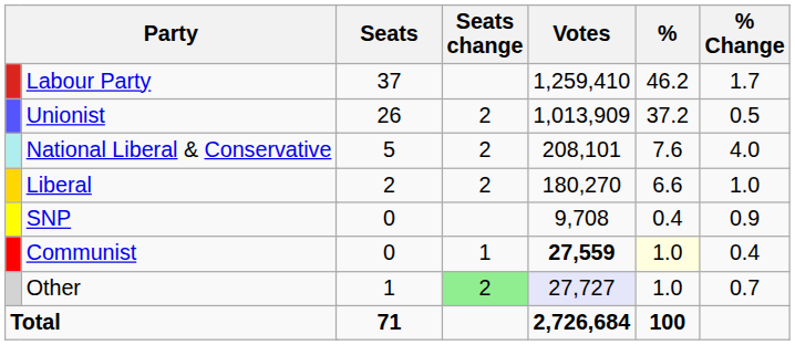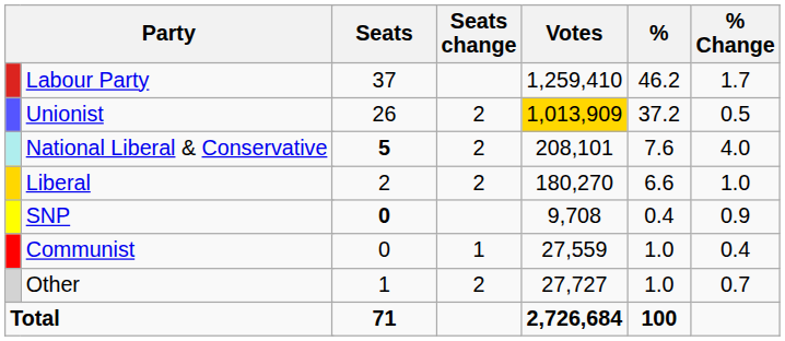 <table class="wikitable sortable">
 <tr>
 <th style="width:200px" colspan=3>Party</th>
 <th style="width:70px;">Seats</th>
 <th style="width:40px;">Seats change</th>
 <th style="width:40px;">Votes</th>
 <th style="width:40px;">%</th>
 <th style="width:40px;">% Change</th>
 </tr>
 <tr>
 <td style="background-color:#DC241f"> </td>
 <td colspan=2><a href='#'>Labour Party</a></td>
 <td align=center>37</td>
 <td align=center></td>
 <td align=center>1,259,410</td>
 <td align=center>46.2</td>
 <td align=center> 1.7</td>
 </tr>
 <tr>
 <td style="background-color:#5555FF"> </td>
 <td colspan=2><a href='#'>Unionist</a></td>
 <td align="center">26</td>
 <td align="center"> 2</td>
-<td align="center">1,013,909</td>
+<td align="center" style="background: gold;">1,013,909</td>
 <td align="center">37.2</td>
 <td align="center"> 0.5</td>
 </tr>
 <tr>
 <td style="background-color:#AFEEEE"> </td>
 <td colspan=2><a href='#'>National Liberal</a> & <a href='#'>Conservative</a></td>
-<td align="center">5</td>
+<td align="center"><strong>5</strong></td>
 <td align="center"> 2</td>
 <td align="center">208,101</td>
 <td align="center">7.6</td>
 <td align="center"> 4.0</td>
 </tr>
 <tr>
 <td style="background-color:#FFD700"> </td>
 <td colspan=2><a href='#'>Liberal</a></td>
 <td align=center>2</td>
 <td align=center> 2</td>
 <td align=center>180,270</td>
 <td align=center>6.6</td>
 <td align=center> 1.0</td>
 </tr>
 <tr>
 <td style="background-color:#FFFF00"> </td>
 <td colspan=2><a href='#'>SNP</a></td>
-<td align=center>0</td>
+<td align=center><strong>0</strong></td>
 <td align=center></td>
 <td align=center>9,708</td>
 <td align=center>0.4</td>
 <td align=center> 0.9</td>
 </tr>
 <tr>
 <td style="background-color:#FF0000"> </td>
 <td colspan=2><a href='#'>Communist</a></td>
 <td align=center>0</td>
 <td align=center> 1</td>
-<td align=center><strong>27,559</strong></td>
-<td align=center style="background: lightyellow;">1.0</td>
+<td align=center>27,559</td>
+<td align=center>1.0</td>
 <td align=center> 0.4</td>
 </tr>
 <tr>
 <td style="background-color:#D3D3D3"> </td>
 <td colspan=2>Other</td>
 <td align="center">1</td>
-<td align="center" style="background: lightgreen;"> 2</td>
-<td align="center" style="background: lavender;">27,727</td>
+<td align="center"> 2</td>
+<td align="center">27,727</td>
 <td align="center">1.0</td>
 <td align="center"> 0.7</td>
 </tr>
 <tr>
 <td colspan=3><strong>Total</strong></td>
 <td align=center><strong>71</strong></td>
 <td align=center></td>
 <td align=center><strong>2,726,684</strong></td>
 <td align=center><strong>100</strong></td>
 <td align=center></td>
 </tr>
 </table>
